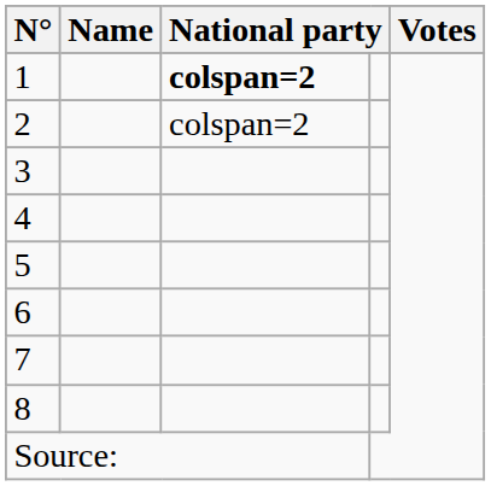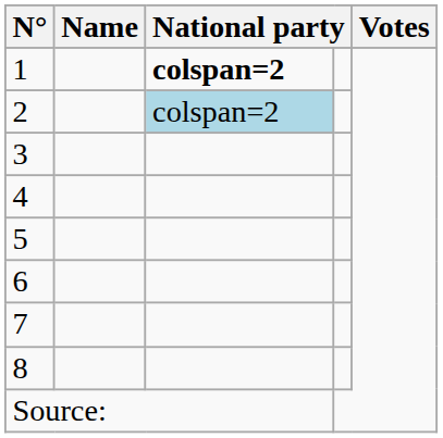 <table class="wikitable sortable" style="font-size:95%;line-height:14px;">
 <tr>
 <th>N°</th>
 <th>Name</th>
 <th colspan="2">National party</th>
 <th>Votes</th>
 </tr>
 <tr>
 <td>1</td>
 <td></td>
 <td><strong>colspan=2 </strong></td>
 <td></td>
 </tr>
 <tr>
 <td>2</td>
 <td></td>
-<td>colspan=2 </td>
+<td style="background: lightblue;">colspan=2 </td>
 <td></td>
 </tr>
 <tr>
 <td>3</td>
 <td></td>
 <td></td>
 <td></td>
 </tr>
 <tr>
 <td>4</td>
 <td></td>
 <td></td>
 <td></td>
 </tr>
 <tr>
 <td>5</td>
 <td></td>
 <td></td>
 <td></td>
 </tr>
 <tr>
 <td>6</td>
 <td></td>
 <td></td>
 <td></td>
 </tr>
 <tr>
 <td>7</td>
 <td></td>
 <td></td>
 <td></td>
 </tr>
 <tr>
 <td>8</td>
 <td></td>
 <td></td>
 <td></td>
 </tr>
 <tr>
 <td colspan="3">Source: </td>
 </tr>
 </table>
